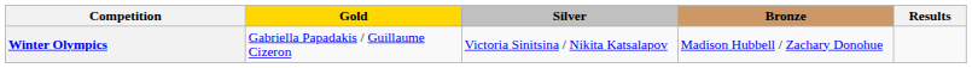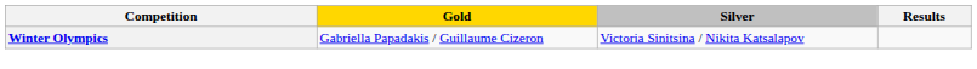 <table class="wikitable unsortable" style="text-align:left; width:90%">
 <tr>
 <th scope="col" style="text-align:center; width:25%;">Competition</th>
 <td scope="col" style="text-align:center; width:22.5%; background:gold"><strong>Gold</strong></td>
 <td scope="col" style="text-align:center; width:22.5%; background:silver"><strong>Silver</strong></td>
-<td scope="col" style="text-align:center; width:22.5%; background:#c96"><strong>Bronze</strong></td>
 <th scope="col" style="text-align:center; width:7.5%;">Results</th>
 </tr>
 <tr>
 <th scope="row" style="text-align:left"> <a href='#'>Winter Olympics</a></th>
 <td> <a href='#'>Gabriella Papadakis</a> / <a href='#'>Guillaume Cizeron</a></td>
 <td> <a href='#'>Victoria Sinitsina</a> / <a href='#'>Nikita Katsalapov</a></td>
-<td> <a href='#'>Madison Hubbell</a> / <a href='#'>Zachary Donohue</a></td>
 <td></td>
 </tr>
 </table>
